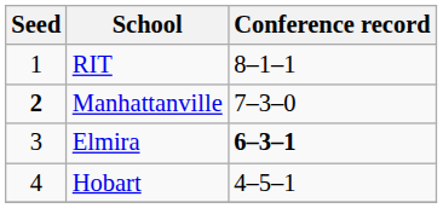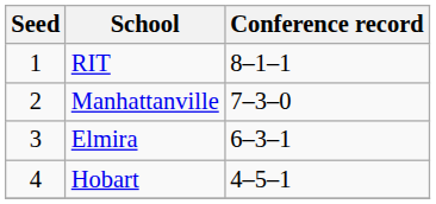 <table class="wikitable">
 <tr>
 <th>Seed</th>
 <th>School</th>
 <th>Conference record</th>
 </tr>
 <tr>
 <td align=center>1</td>
 <td><a href='#'>RIT</a></td>
 <td>8–1–1</td>
 </tr>
 <tr>
-<td align=center><strong>2</strong></td>
+<td align=center>2</td>
 <td><a href='#'>Manhattanville</a></td>
 <td>7–3–0</td>
 </tr>
 <tr>
 <td align=center>3</td>
 <td><a href='#'>Elmira</a></td>
-<td><strong>6–3–1</strong></td>
+<td>6–3–1</td>
 </tr>
 <tr>
 <td align=center>4</td>
 <td><a href='#'>Hobart</a></td>
 <td>4–5–1</td>
 </tr>
 <tr>
 </tr>
 </table>
